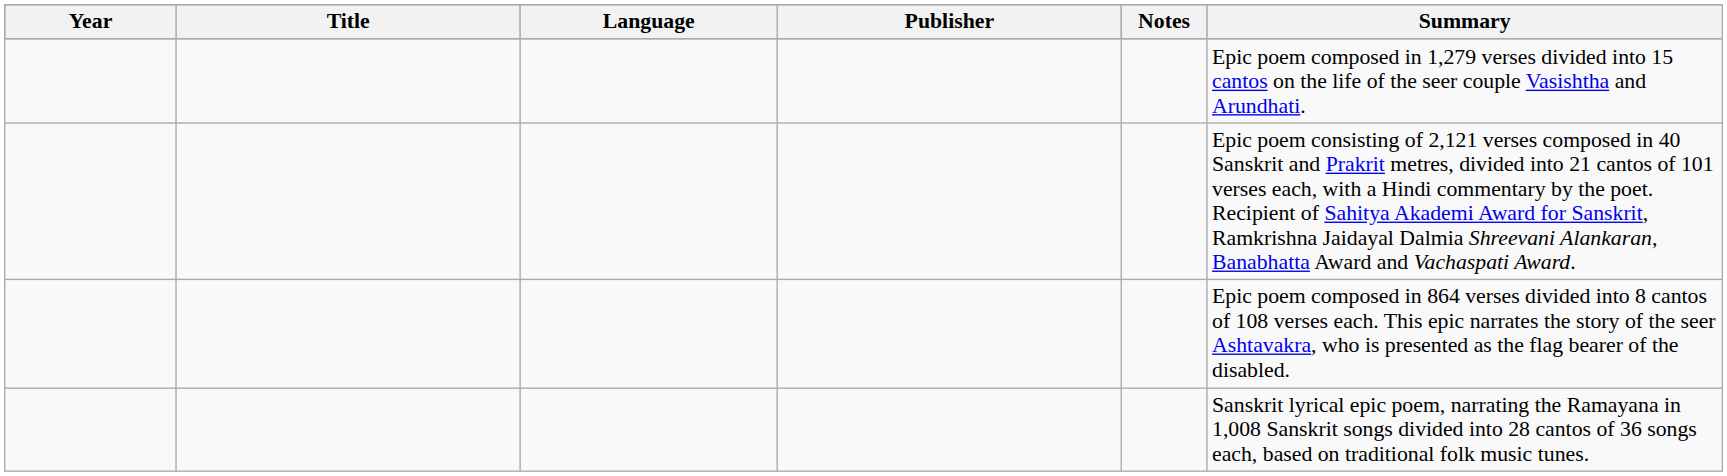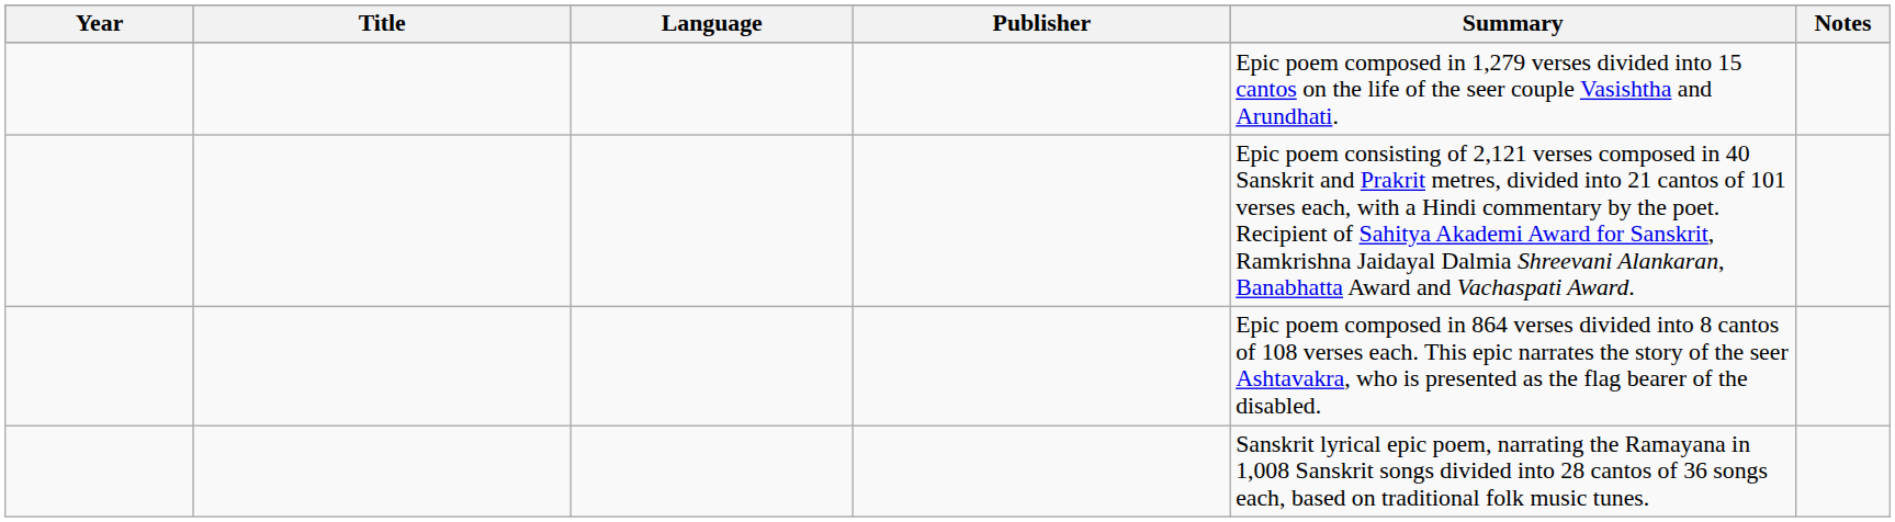 <table class="wikitable sortable" align="center" cellpadding="7" style="clear:both" width="100%">
 <tr align="center" bgcolor="#696969">
 <th scope="col" width="10%"><div>Year</div></th>
 <th scope="col" width="20%"><div>Title</div></th>
 <th scope="col" width="15%"><div>Language</div></th>
 <th scope="col" width="20%"><div>Publisher</div></th>
+<th scope="col" class="unsortable" align="center" width="30%">Summary</th>
 <th scope="col" class="unsortable" align="center" width="5%">Notes</th>
-<th scope="col" class="unsortable" align="center" width="30%">Summary</th>
 </tr>
 <tr valign="top">
 <td></td>
 <td></td>
 <td></td>
 <td></td>
+<td>Epic poem composed in 1,279 verses divided into 15 <a href='#'>cantos</a> on the life of the seer couple <a href='#'>Vasishtha</a> and <a href='#'>Arundhati</a>.</td>
 <td></td>
-<td>Epic poem composed in 1,279 verses divided into 15 <a href='#'>cantos</a> on the life of the seer couple <a href='#'>Vasishtha</a> and <a href='#'>Arundhati</a>.</td>
 </tr>
 <tr valign="top">
 <td></td>
 <td></td>
 <td></td>
 <td></td>
+<td>Epic poem consisting of 2,121 verses composed in 40 Sanskrit and <a href='#'>Prakrit</a> metres, divided into 21 cantos of 101 verses each, with a Hindi commentary by the poet. Recipient of <a href='#'>Sahitya Akademi Award for Sanskrit</a>, Ramkrishna Jaidayal Dalmia <em>Shreevani Alankaran</em>, <a href='#'>Banabhatta</a> Award and <em>Vachaspati Award</em>.</td>
 <td></td>
-<td>Epic poem consisting of 2,121 verses composed in 40 Sanskrit and <a href='#'>Prakrit</a> metres, divided into 21 cantos of 101 verses each, with a Hindi commentary by the poet. Recipient of <a href='#'>Sahitya Akademi Award for Sanskrit</a>, Ramkrishna Jaidayal Dalmia <em>Shreevani Alankaran</em>, <a href='#'>Banabhatta</a> Award and <em>Vachaspati Award</em>.</td>
 </tr>
 <tr valign="top">
 <td></td>
 <td></td>
 <td></td>
 <td></td>
+<td>Epic poem composed in 864 verses divided into 8 cantos of 108 verses each. This epic narrates the story of the seer <a href='#'>Ashtavakra</a>, who is presented as the flag bearer of the disabled.</td>
 <td></td>
-<td>Epic poem composed in 864 verses divided into 8 cantos of 108 verses each. This epic narrates the story of the seer <a href='#'>Ashtavakra</a>, who is presented as the flag bearer of the disabled.</td>
 </tr>
 <tr valign="top">
 <td></td>
 <td></td>
 <td></td>
 <td></td>
+<td>Sanskrit lyrical epic poem, narrating the Ramayana in 1,008 Sanskrit songs divided into 28 cantos of 36 songs each, based on traditional folk music tunes.</td>
 <td></td>
-<td>Sanskrit lyrical epic poem, narrating the Ramayana in 1,008 Sanskrit songs divided into 28 cantos of 36 songs each, based on traditional folk music tunes.</td>
 </tr>
 </table>
